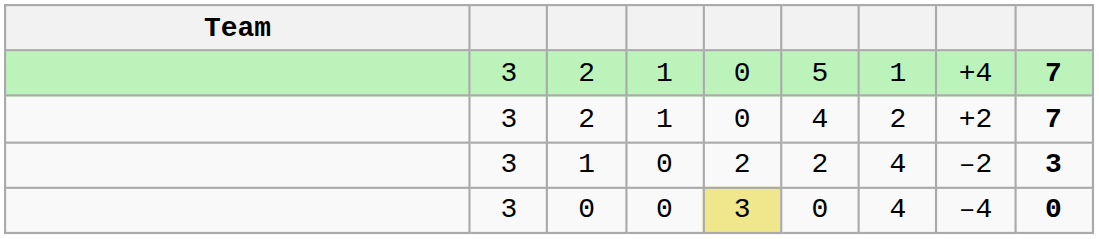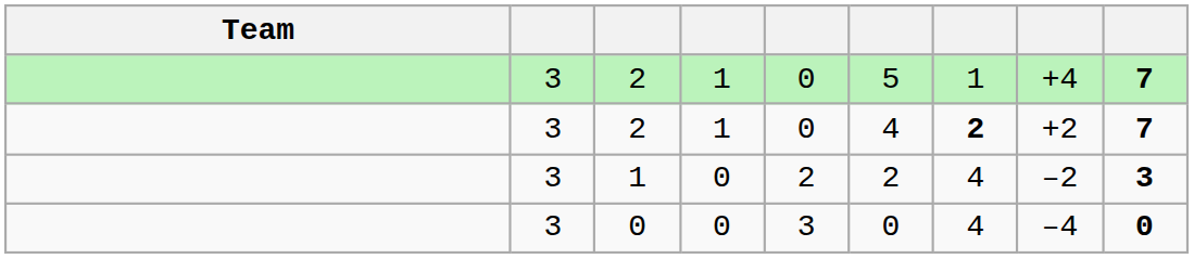 <table class="wikitable" style="text-align: center;">
 <tr>
 <th width=210>Team</th>
 <th width=30></th>
 <th width=30></th>
 <th width=30></th>
 <th width=30></th>
 <th width=30></th>
 <th width=30></th>
 <th width=30></th>
 <th width=30></th>
 </tr>
 <tr style="background:#bbf3bb;">
 <td align=left></td>
 <td>3</td>
 <td>2</td>
 <td>1</td>
 <td>0</td>
 <td>5</td>
 <td>1</td>
 <td>+4</td>
 <td><strong>7</strong></td>
 </tr>
 <tr>
 <td align=left></td>
 <td>3</td>
 <td>2</td>
 <td>1</td>
 <td>0</td>
 <td>4</td>
-<td>2</td>
+<td><strong>2</strong></td>
 <td>+2</td>
 <td><strong>7</strong></td>
 </tr>
 <tr>
 <td align=left></td>
 <td>3</td>
 <td>1</td>
 <td>0</td>
 <td>2</td>
 <td>2</td>
 <td>4</td>
 <td>–2</td>
 <td><strong>3</strong></td>
 </tr>
 <tr>
 <td align=left></td>
 <td>3</td>
 <td>0</td>
 <td>0</td>
-<td style="background: khaki;">3</td>
+<td>3</td>
 <td>0</td>
 <td>4</td>
 <td>–4</td>
 <td><strong>0</strong></td>
 </tr>
 </table>
